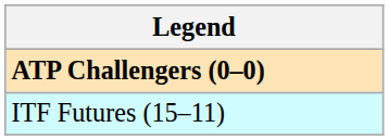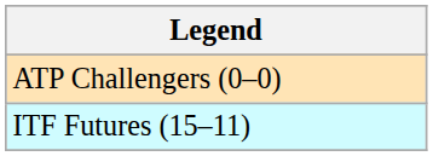 <table class="wikitable" style=font-size:90%>
 <tr>
 <th width=200>Legend</th>
 </tr>
 <tr style="background:moccasin;">
-<td width=200><strong>ATP Challengers (0–0)</strong></td>
+<td width=200>ATP Challengers (0–0)</td>
 </tr>
 <tr style="background:#cffcff;">
 <td width=200>ITF Futures (15–11)</td>
 </tr>
 </table>
